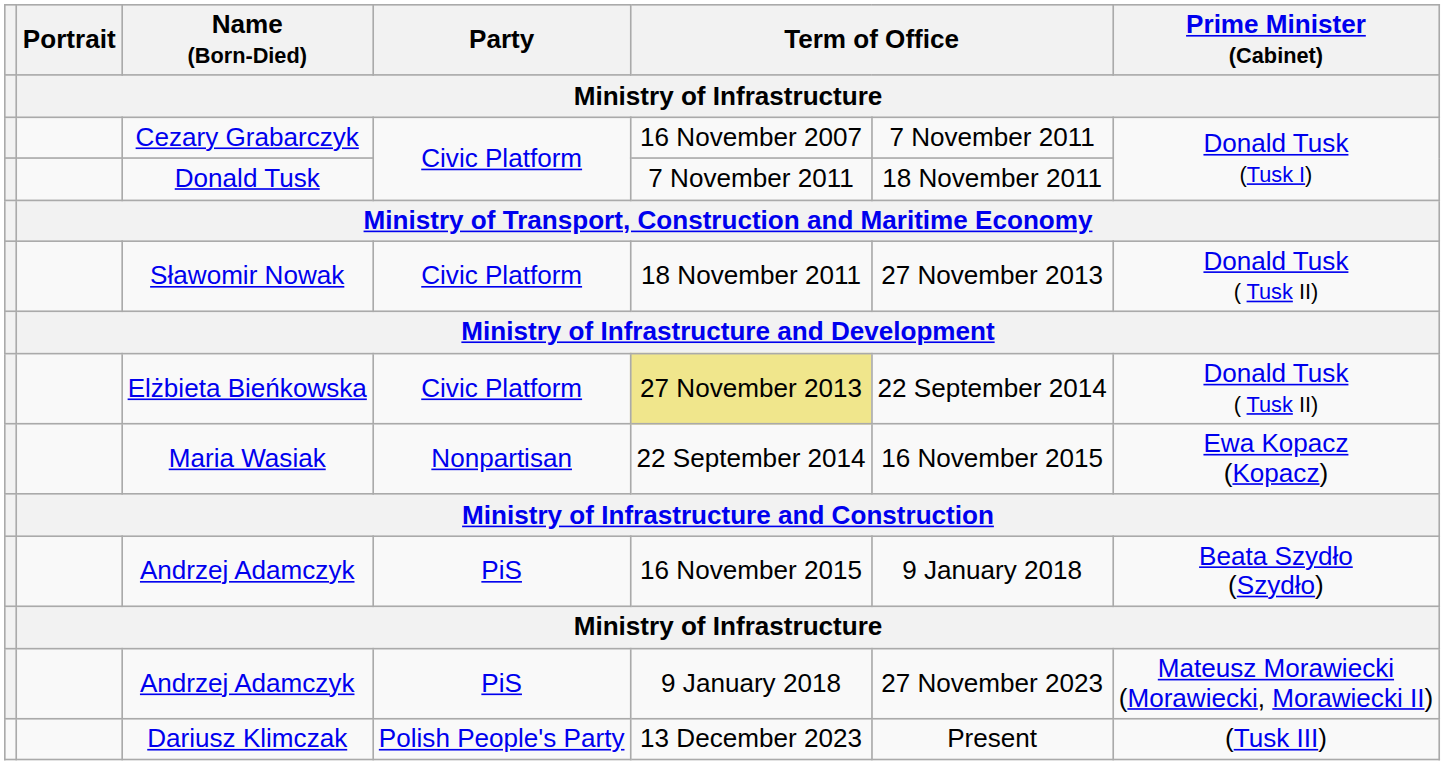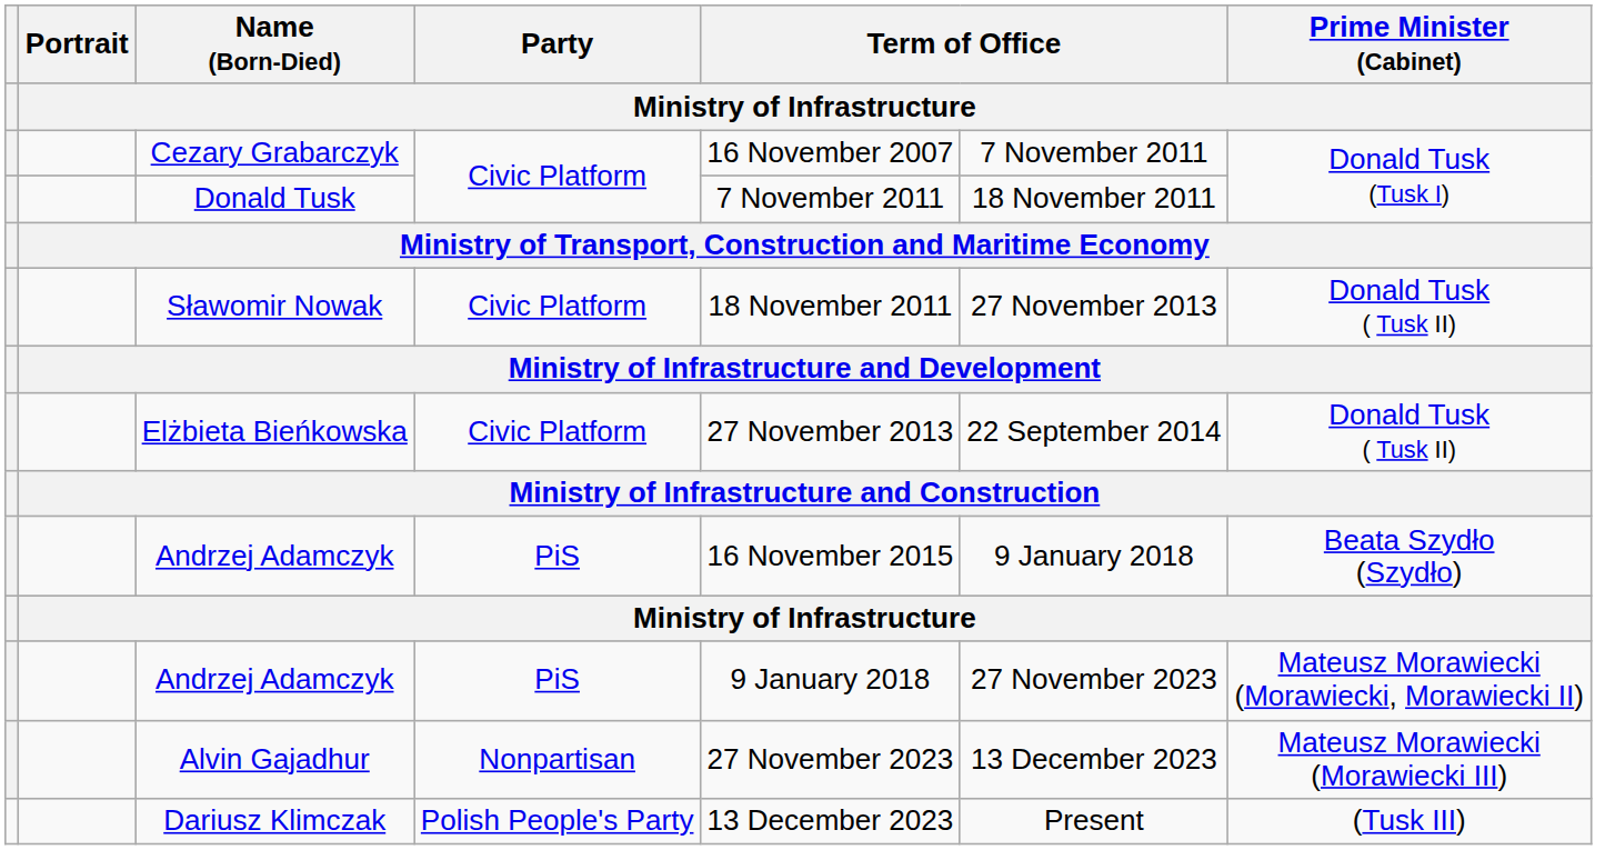 <table class="wikitable" style="text-align:center;">
 <tr>
 <th></th>
 <th>Portrait</th>
 <th>Name<br><small>(Born-Died)</small></th>
 <th>Party</th>
 <th colspan=2>Term of Office</th>
 <th><a href='#'>Prime Minister</a><br><small>(Cabinet)</small></th>
 </tr>
 <tr>
 <th></th>
 <th colspan="6">Ministry of Infrastructure</th>
 </tr>
 <tr>
 <th style="background:"></th>
 <td></td>
 <td><a href='#'>Cezary Grabarczyk</a><br></td>
 <td rowspan="2"><a href='#'>Civic Platform</a></td>
 <td>16 November 2007</td>
 <td>7 November 2011</td>
 <td rowspan="2"><a href='#'>Donald Tusk</a> <br><small> (<a href='#'>Tusk I</a>)</small></td>
 </tr>
 <tr>
 <th style="background:"></th>
 <td></td>
 <td><a href='#'>Donald Tusk</a><br></td>
 <td>7 November 2011</td>
 <td>18 November 2011</td>
 </tr>
 <tr>
 <th></th>
 <th colspan="6"><a href='#'>Ministry of Transport, Construction and Maritime Economy</a></th>
 </tr>
 <tr>
 <th style="background:"></th>
 <td></td>
 <td><a href='#'>Sławomir Nowak</a></td>
 <td><a href='#'>Civic Platform</a></td>
 <td>18 November 2011</td>
 <td>27 November 2013</td>
 <td><a href='#'>Donald Tusk</a> <br><small> ( <a href='#'>Tusk</a> II)</small></td>
 </tr>
 <tr>
 <th></th>
 <th colspan="6"><a href='#'>Ministry of Infrastructure and Development</a></th>
 </tr>
 <tr>
 <th style="background:"></th>
 <td></td>
 <td><a href='#'>Elżbieta Bieńkowska</a></td>
 <td><a href='#'>Civic Platform</a></td>
-<td style="background: khaki;">27 November 2013</td>
+<td>27 November 2013</td>
 <td>22 September 2014</td>
 <td><a href='#'>Donald Tusk</a> <br><small> ( <a href='#'>Tusk</a> II)</small></td>
-</tr>
-<tr>
-<th style="background:"></th>
-<td></td>
-<td><a href='#'>Maria Wasiak</a></td>
-<td><a href='#'>Nonpartisan</a></td>
-<td>22 September 2014</td>
-<td>16 November 2015</td>
-<td><a href='#'>Ewa Kopacz</a><br>(<a href='#'>Kopacz</a>)</td>
 </tr>
 <tr>
 <th></th>
 <th colspan="6"><a href='#'>Ministry of Infrastructure and Construction</a></th>
 </tr>
 <tr>
 <th style="background:"></th>
 <td></td>
 <td><a href='#'>Andrzej Adamczyk</a></td>
 <td><a href='#'>PiS</a></td>
 <td>16 November 2015</td>
 <td>9 January 2018</td>
 <td><a href='#'>Beata Szydło</a><br>(<a href='#'>Szydło</a>)</td>
 </tr>
 <tr>
 <th></th>
 <th colspan="6">Ministry of Infrastructure</th>
 </tr>
 <tr>
 <th style="background:"></th>
 <td></td>
 <td><a href='#'>Andrzej Adamczyk</a></td>
 <td><a href='#'>PiS</a></td>
 <td>9 January 2018</td>
 <td>27 November 2023</td>
 <td><a href='#'>Mateusz Morawiecki</a><br>(<a href='#'>Morawiecki</a>, <a href='#'>Morawiecki II</a>)</td>
 </tr>
 <tr>
+<th style="background:"></th>
+<td></td>
+<td><a href='#'>Alvin Gajadhur</a></td>
+<td><a href='#'>Nonpartisan</a></td>
+<td>27 November 2023</td>
+<td>13 December 2023</td>
+<td><a href='#'>Mateusz Morawiecki</a><br>(<a href='#'>Morawiecki III</a>)</td>
+</tr>
+<tr>
 <td style="background:"></td>
 <td></td>
 <td><a href='#'>Dariusz Klimczak</a></td>
 <td><a href='#'>Polish People's Party</a></td>
 <td>13 December 2023</td>
 <td>Present</td>
 <td>(<a href='#'>Tusk III</a>)</td>
 </tr>
 </table>
